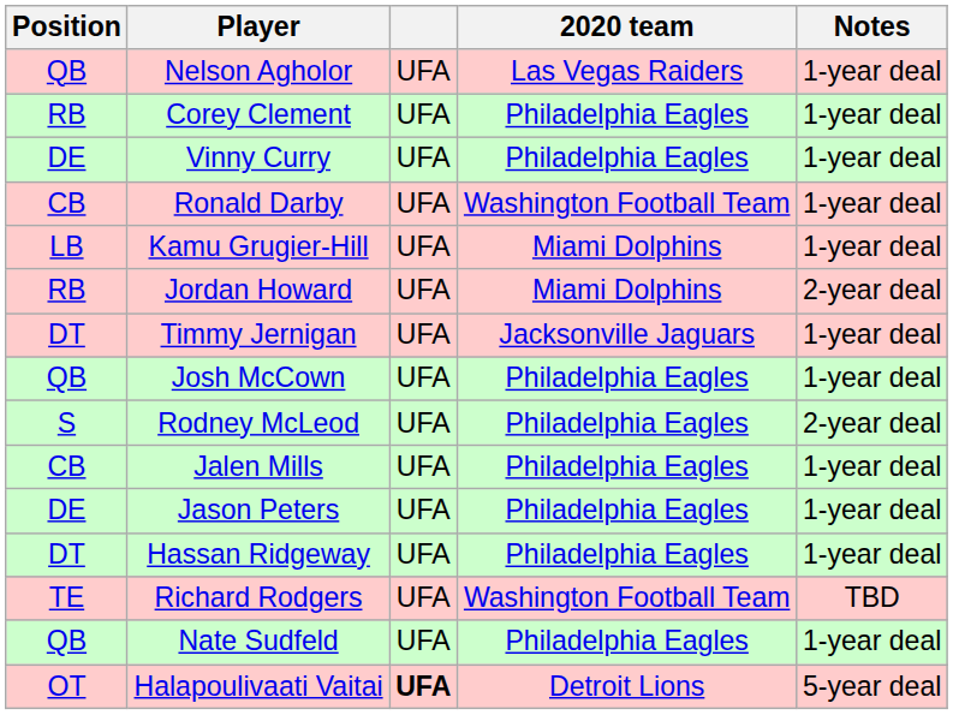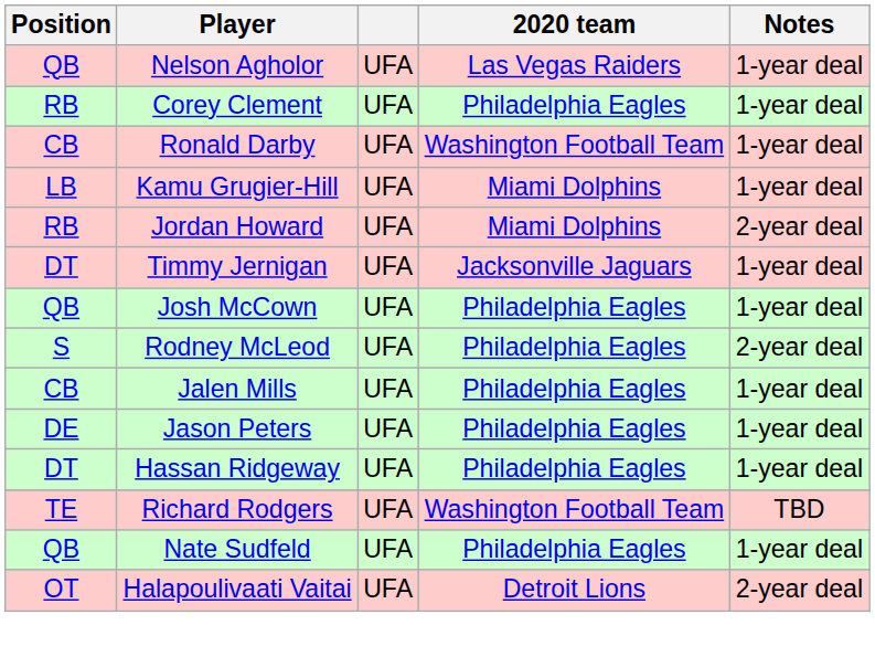 <table class="wikitable" style="text-align:center">
 <tr>
 <th>Position</th>
 <th>Player</th>
 <th></th>
 <th>2020 team</th>
 <th>Notes</th>
 </tr>
 <tr style="background:#fcc">
 <td><a href='#'>QB</a></td>
 <td><a href='#'>Nelson Agholor</a></td>
 <td>UFA</td>
 <td><a href='#'>Las Vegas Raiders</a></td>
 <td>1-year deal</td>
 </tr>
 <tr style="background:#cfc">
 <td><a href='#'>RB</a></td>
 <td><a href='#'>Corey Clement</a></td>
-<td>UFA</td>
-<td><a href='#'>Philadelphia Eagles</a></td>
-<td>1-year deal</td>
-</tr>
-<tr style="background:#cfc">
-<td><a href='#'>DE</a></td>
-<td><a href='#'>Vinny Curry</a></td>
 <td>UFA</td>
 <td><a href='#'>Philadelphia Eagles</a></td>
 <td>1-year deal</td>
 </tr>
 <tr style="background:#fcc">
 <td><a href='#'>CB</a></td>
 <td><a href='#'>Ronald Darby</a></td>
 <td>UFA</td>
 <td><a href='#'>Washington Football Team</a></td>
 <td>1-year deal</td>
 </tr>
 <tr style="background:#fcc">
 <td><a href='#'>LB</a></td>
 <td><a href='#'>Kamu Grugier-Hill</a></td>
 <td>UFA</td>
 <td><a href='#'>Miami Dolphins</a></td>
 <td>1-year deal</td>
 </tr>
 <tr style="background:#fcc">
 <td><a href='#'>RB</a></td>
 <td><a href='#'>Jordan Howard</a></td>
 <td>UFA</td>
 <td><a href='#'>Miami Dolphins</a></td>
 <td>2-year deal</td>
 </tr>
 <tr style="background:#fcc">
 <td><a href='#'>DT</a></td>
 <td><a href='#'>Timmy Jernigan</a></td>
 <td>UFA</td>
 <td><a href='#'>Jacksonville Jaguars</a></td>
 <td>1-year deal</td>
 </tr>
 <tr style="background:#cfc">
 <td><a href='#'>QB</a></td>
 <td><a href='#'>Josh McCown</a></td>
 <td>UFA</td>
 <td><a href='#'>Philadelphia Eagles</a></td>
 <td>1-year deal</td>
 </tr>
 <tr style="background:#cfc">
 <td><a href='#'>S</a></td>
 <td><a href='#'>Rodney McLeod</a></td>
 <td>UFA</td>
 <td><a href='#'>Philadelphia Eagles</a></td>
 <td>2-year deal</td>
 </tr>
 <tr style="background:#cfc">
 <td><a href='#'>CB</a></td>
 <td><a href='#'>Jalen Mills</a></td>
 <td>UFA</td>
 <td><a href='#'>Philadelphia Eagles</a></td>
 <td>1-year deal</td>
 </tr>
 <tr style="background:#cfc">
 <td><a href='#'>DE</a></td>
 <td><a href='#'>Jason Peters</a></td>
 <td>UFA</td>
 <td><a href='#'>Philadelphia Eagles</a></td>
 <td>1-year deal</td>
 </tr>
 <tr style="background:#cfc">
 <td><a href='#'>DT</a></td>
 <td><a href='#'>Hassan Ridgeway</a></td>
 <td>UFA</td>
 <td><a href='#'>Philadelphia Eagles</a></td>
 <td>1-year deal</td>
 </tr>
 <tr style="background:#fcc">
 <td><a href='#'>TE</a></td>
 <td><a href='#'>Richard Rodgers</a></td>
 <td>UFA</td>
 <td><a href='#'>Washington Football Team</a></td>
 <td>TBD</td>
 </tr>
 <tr style="background:#cfc">
 <td><a href='#'>QB</a></td>
 <td><a href='#'>Nate Sudfeld</a></td>
 <td>UFA</td>
 <td><a href='#'>Philadelphia Eagles</a></td>
 <td>1-year deal</td>
 </tr>
 <tr style="background:#fcc">
 <td><a href='#'>OT</a></td>
 <td><a href='#'>Halapoulivaati Vaitai</a></td>
-<td><strong>UFA</strong></td>
+<td>UFA</td>
 <td><a href='#'>Detroit Lions</a></td>
-<td>5-year deal</td>
+<td>2-year deal</td>
 </tr>
 </table>
